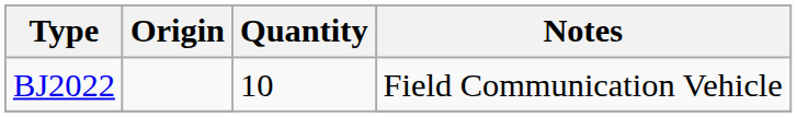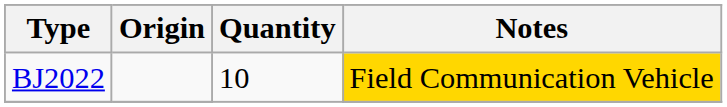 <table class="wikitable">
 <tr>
 <th>Type</th>
 <th>Origin</th>
 <th>Quantity</th>
 <th>Notes</th>
 </tr>
 <tr>
 <td><a href='#'>BJ2022</a></td>
 <td></td>
 <td rowspan="8">10</td>
-<td>Field Communication Vehicle</td>
+<td style="background: gold;">Field Communication Vehicle</td>
 </tr>
 <tr>
 </tr>
 </table>
